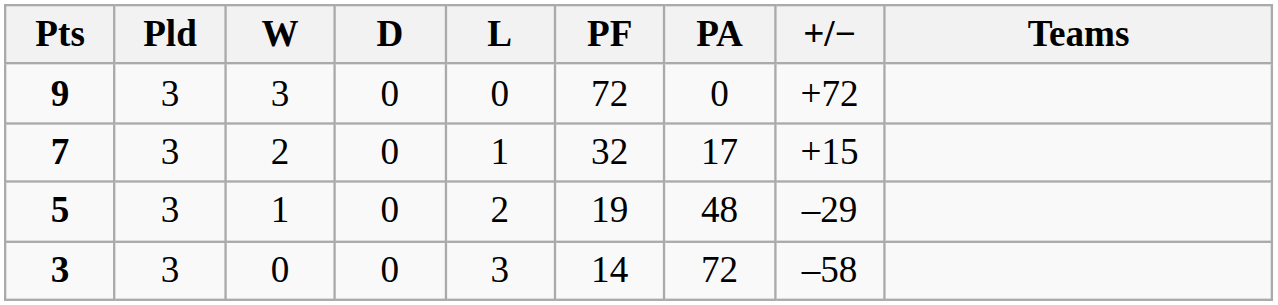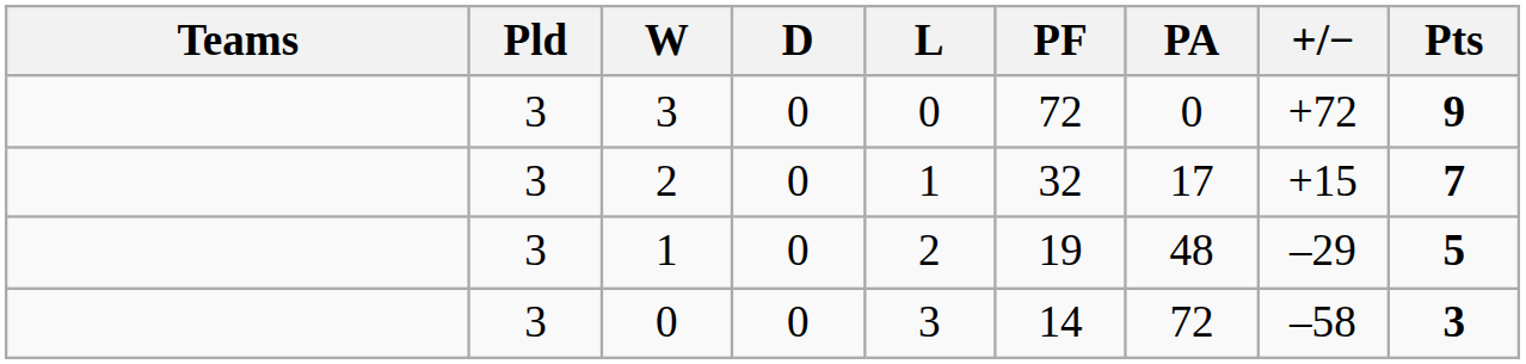 <table class="wikitable" style="text-align: center;">
 <tr>
-<th width="40">Pts</th>
+<th width="160">Teams</th>
 <th width="40">Pld</th>
 <th width="40">W</th>
 <th width="40">D</th>
 <th width="40">L</th>
 <th width="40">PF</th>
 <th width="40">PA</th>
 <th width="40">+/−</th>
-<th width="160">Teams</th>
+<th width="40">Pts</th>
 </tr>
 <tr>
-<td><strong>9</strong></td>
+<td align=left></td>
 <td>3</td>
 <td>3</td>
 <td>0</td>
 <td>0</td>
 <td>72</td>
 <td>0</td>
 <td>+72</td>
-<td align=left></td>
+<td><strong>9</strong></td>
 </tr>
 <tr>
-<td><strong>7</strong></td>
+<td align=left></td>
 <td>3</td>
 <td>2</td>
 <td>0</td>
 <td>1</td>
 <td>32</td>
 <td>17</td>
 <td>+15</td>
-<td align=left></td>
+<td><strong>7</strong></td>
 </tr>
 <tr>
-<td><strong>5</strong></td>
+<td align=left></td>
 <td>3</td>
 <td>1</td>
 <td>0</td>
 <td>2</td>
 <td>19</td>
 <td>48</td>
 <td>–29</td>
-<td align=left></td>
+<td><strong>5</strong></td>
 </tr>
 <tr>
-<td><strong>3</strong></td>
+<td align=left></td>
 <td>3</td>
 <td>0</td>
 <td>0</td>
 <td>3</td>
 <td>14</td>
 <td>72</td>
 <td>–58</td>
-<td align=left></td>
+<td><strong>3</strong></td>
 </tr>
 </table>
